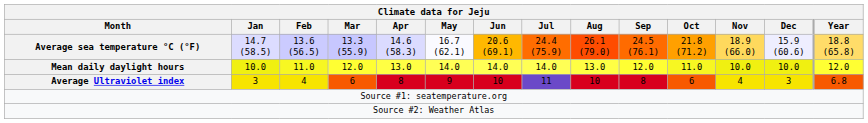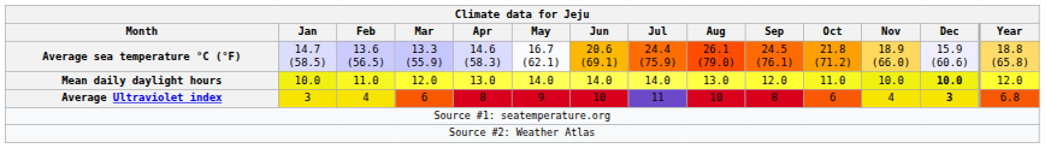 <table style="width:100%;text-align:center;line-height:1.2em;margin-left:auto;margin-right:auto" class="wikitable mw-collapsible">
 <tr>
 <th Colspan=14>Climate data for Jeju</th>
 </tr>
 <tr>
 <th>Month</th>
 <th>Jan</th>
 <th>Feb</th>
 <th>Mar</th>
 <th>Apr</th>
 <th>May</th>
 <th>Jun</th>
 <th>Jul</th>
 <th>Aug</th>
 <th>Sep</th>
 <th>Oct</th>
 <th>Nov</th>
 <th>Dec</th>
 <th style="border-left-width:medium">Year</th>
 </tr>
 <tr>
 <th>Average sea temperature °C (°F)</th>
 <td style="background:#DCDCFF;color:#000000;">14.7<br>(58.5)</td>
 <td style="background:#CBCBFF;color:#000000;">13.6<br>(56.5)</td>
 <td style="background:#C7C7FF;color:#000000;">13.3<br>(55.9)</td>
 <td style="background:#DBDBFF;color:#000000;">14.6<br>(58.3)</td>
 <td style="background:#FAFAFF;color:#000000;">16.7<br>(62.1)</td>
 <td style="background:#FFB800;color:#000000;">20.6<br>(69.1)</td>
 <td style="background:#FF6D00;color:#000000;">24.4<br>(75.9)</td>
 <td style="background:#FF4C00;color:#000000;">26.1<br>(79.0)</td>
 <td style="background:#FF6B00;color:#000000;">24.5<br>(76.1)</td>
 <td style="background:#FFA000;color:#000000;">21.8<br>(71.2)</td>
 <td style="background:#FFD95D;color:#000000;">18.9<br>(66.0)</td>
 <td style="background:#EEEEFF;color:#000000;">15.9<br>(60.6)</td>
 <td style="background:#FFDC69;color:#000000;border-left-width:medium">18.8<br>(65.8)</td>
 </tr>
 <tr>
 <th>Mean daily daylight hours</th>
 <td style="background:#F0F011;color:#000000;">10.0</td>
 <td style="background:#F7F722;color:#000000;">11.0</td>
 <td style="background:#FFFF33;color:#000000;">12.0</td>
 <td style="background:#FFFF44;color:#000000;">13.0</td>
 <td style="background:#FFFF55;color:#000000;">14.0</td>
 <td style="background:#FFFF55;color:#000000;">14.0</td>
 <td style="background:#FFFF55;color:#000000;">14.0</td>
 <td style="background:#FFFF44;color:#000000;">13.0</td>
 <td style="background:#FFFF33;color:#000000;">12.0</td>
 <td style="background:#F7F722;color:#000000;">11.0</td>
 <td style="background:#F0F011;color:#000000;">10.0</td>
-<td style="background:#F0F011;color:#000000;">10.0</td>
+<td style="background:#F0F011;color:#000000;"><strong>10.0</strong></td>
 <td style="background:#FFFF33;color:#000000;border-left-width:medium">12.0</td>
 </tr>
 <tr>
 <th>Average <a href='#'>Ultraviolet index</a></th>
 <td style="background:#f7e400;color:#000000;">3</td>
 <td style="background:#f7e400;color:#000000;">4</td>
 <td style="background:#f85900;color:#000000;">6</td>
 <td style="background:#d8001d;color:#000000;">8</td>
 <td style="background:#d8001d;color:#000000;">9</td>
 <td style="background:#d8001d;color:#000000;">10</td>
 <td style="background:#6b49c8;color:#000000;">11</td>
 <td style="background:#d8001d;color:#000000;">10</td>
 <td style="background:#d8001d;color:#000000;">8</td>
 <td style="background:#f85900;color:#000000;">6</td>
 <td style="background:#f7e400;color:#000000;">4</td>
-<td style="background:#f7e400;color:#000000;">3</td>
+<td style="background:#f7e400;color:#000000;"><strong>3</strong></td>
 <td style="background:#f85900;color:#000000;border-left-width:medium">6.8</td>
 </tr>
 <tr>
 <th Colspan=14 style="background:#f8f9fa;font-weight:normal;font-size:95%;">Source #1: seatemperature.org </th>
 </tr>
 <tr>
 <th Colspan=14 style="background:#f8f9fa;font-weight:normal;font-size:95%;">Source #2: Weather Atlas </th>
 </tr>
 </table>
